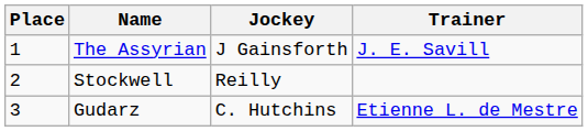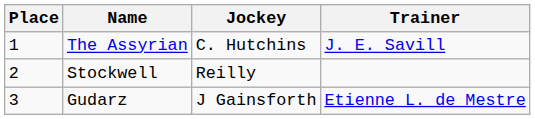 <table class="wikitable">
 <tr>
 <th>Place</th>
 <th>Name</th>
 <th>Jockey</th>
 <th>Trainer</th>
 </tr>
 <tr>
 <td>1</td>
 <td><a href='#'>The Assyrian</a></td>
-<td>J Gainsforth</td>
+<td>C. Hutchins</td>
 <td><a href='#'>J. E. Savill</a></td>
 </tr>
 <tr>
 <td>2</td>
 <td>Stockwell</td>
 <td>Reilly</td>
 </tr>
 <tr>
 <td>3</td>
 <td>Gudarz</td>
-<td>C. Hutchins</td>
+<td>J Gainsforth</td>
 <td><a href='#'>Etienne L. de Mestre</a></td>
 </tr>
 </table>
